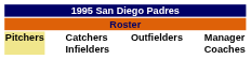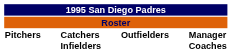 <table class="toccolours" style="font-size: 95%;">
 <tr>
 <th colspan="10" style="background-color: #000066;; color: #FFFFFF; text-align: center;">1995 San Diego Padres</th>
 </tr>
 <tr>
 <td colspan="10" style="background-color: #de6108; color: #000066; text-align: center;"><strong>Roster</strong></td>
 </tr>
 <tr>
-<td valign="top" style="background: khaki;"><strong>Pitchers</strong><br>                   </td>
+<td valign="top"><strong>Pitchers</strong><br>                   </td>
 <td width="25px"></td>
 <td valign="top"><strong>Catchers</strong><br>  <strong>Infielders</strong>          </td>
 <td width="25px"></td>
 <td valign="top"><strong>Outfielders</strong><br>        </td>
 <td width="25px"></td>
 <td valign="top"><strong>Manager</strong><br> <strong>Coaches</strong>      </td>
 </tr>
 </table>
